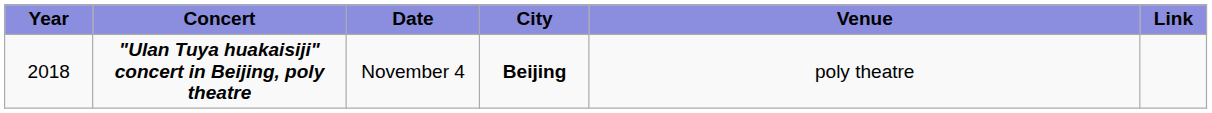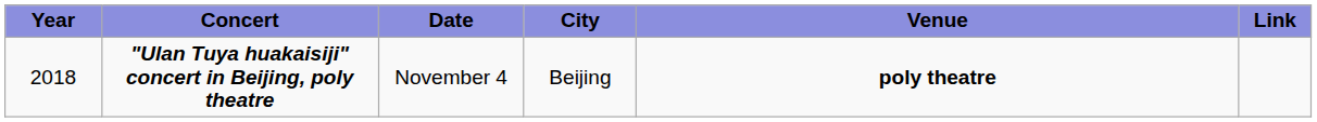 <table class="wikitable sortable mw-collapsible" width="80%" style="text-align:center">
 <tr align="center" style="background:#8B8EDE">
 <td style="width:2%"><strong>Year</strong></td>
 <td style="width:8%"><strong>Concert</strong></td>
 <td style="width:2%"><strong>Date</strong></td>
 <td style="width:2%"><strong>City</strong></td>
 <td style="width:18%"><strong>Venue</strong></td>
 <td style="width:1%"><strong>Link</strong></td>
 </tr>
 <tr>
 <td rowspan="2">2018</td>
 <td rowspan="2"><strong><em>"Ulan Tuya huakaisiji" concert in Beijing, poly theatre</em></strong></td>
 <td>November 4</td>
-<td><strong>Beijing</strong></td>
-<td>poly theatre</td>
+<td>Beijing</td>
+<td><strong>poly theatre</strong></td>
 <td></td>
 </tr>
 </table>
